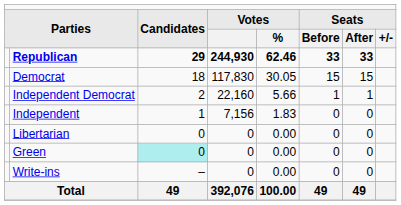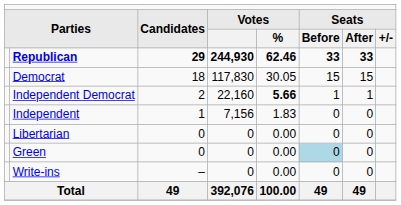 <table class=wikitable>
 <tr>
 <td colspan="15" style="text-align:center;"></td>
 </tr>
 <tr>
 <th style="background-color:#E9E9E9" align=center rowspan= 2 colspan=2>Parties</th>
 <th style="background-color:#E9E9E9" align=center rowspan= 2>Candidates</th>
 <th style="background-color:#E9E9E9" align=center colspan=2>Votes</th>
 <th style="background-color:#E9E9E9" align=center colspan=4>Seats</th>
 </tr>
 <tr>
 <th align=center></th>
 <th align=center>%</th>
 <th align=center>Before</th>
 <th align=center>After</th>
 <th align=center>+/-</th>
 </tr>
 <tr>
 <td></td>
 <td align=left><strong><a href='#'>Republican</a></strong></td>
 <td align=right><strong>29</strong></td>
 <td align=right><strong>244,930</strong></td>
 <td align=right><strong>62.46</strong></td>
 <td align=right><strong>33</strong></td>
 <td align=right><strong>33</strong></td>
 <td align=right></td>
 </tr>
 <tr>
 <td></td>
 <td align=left><a href='#'>Democrat</a></td>
 <td align=right>18</td>
 <td align=right>117,830</td>
 <td align=right>30.05</td>
 <td align=right>15</td>
 <td align=right>15</td>
 <td align=right></td>
 </tr>
 <tr>
 <td></td>
 <td><a href='#'>Independent Democrat</a></td>
 <td align=right>2</td>
 <td align=right>22,160</td>
-<td align=right>5.66</td>
+<td align=right><strong>5.66</strong></td>
 <td align=right>1</td>
 <td align=right>1</td>
 <td align=right></td>
 </tr>
 <tr>
 <td></td>
 <td><a href='#'>Independent</a></td>
 <td align=right>1</td>
 <td align=right>7,156</td>
 <td align=right>1.83</td>
 <td align=right>0</td>
 <td align=right>0</td>
 <td align=right></td>
 </tr>
 <tr>
 <td></td>
 <td><a href='#'>Libertarian</a></td>
 <td align=right>0</td>
 <td align=right>0</td>
 <td align=right>0.00</td>
 <td align=right>0</td>
 <td align=right>0</td>
 <td align=right></td>
 </tr>
 <tr>
 <td></td>
 <td><a href='#'>Green</a></td>
-<td align=right style="background: paleturquoise;">0</td>
+<td align=right>0</td>
 <td align=right>0</td>
 <td align=right>0.00</td>
-<td align=right>0</td>
+<td align=right style="background: lightblue;">0</td>
 <td align=right>0</td>
 <td align=right></td>
 </tr>
 <tr>
 <td></td>
 <td><a href='#'>Write-ins</a></td>
 <td align=right>–</td>
 <td align=right>0</td>
 <td align=right>0.00</td>
 <td align=right>0</td>
 <td align=right>0</td>
 <td align=right></td>
 </tr>
 <tr>
 <th align=center colspan="2">Total</th>
 <th align=center>49</th>
 <th align=center>392,076</th>
 <th align=center>100.00</th>
 <th align=center>49</th>
 <th align=center>49</th>
 <th align=center></th>
 </tr>
 <tr>
 </tr>
 </table>
